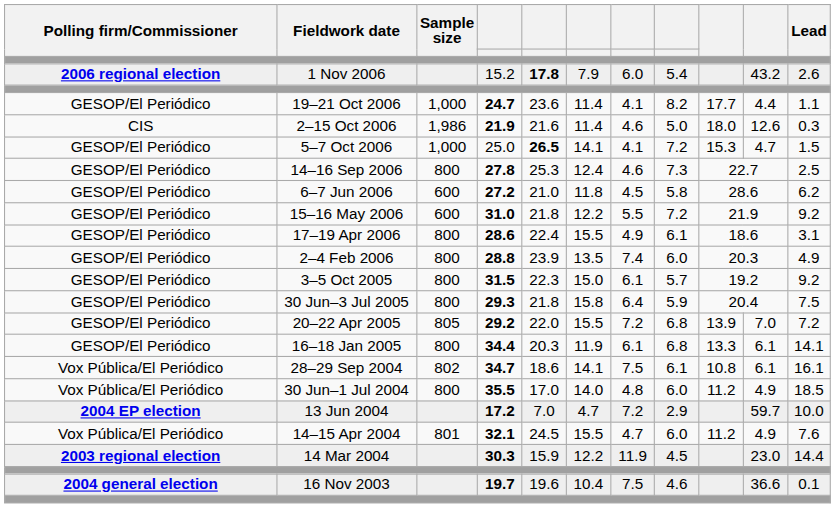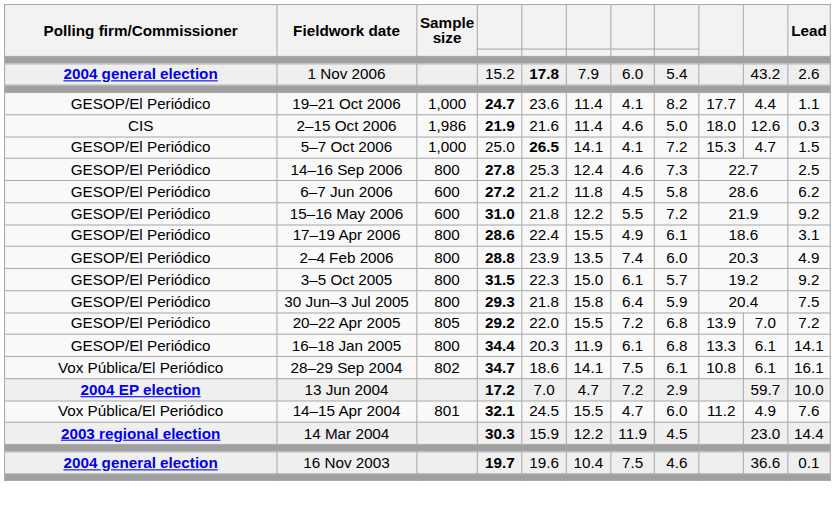 <table class="wikitable collapsible collapsed" style="text-align:center; font-size:90%; line-height:14px;">
 <tr style="height:42px;">
 <th style="width:250px;" rowspan="2">Polling firm/Commissioner</th>
 <th style="width:125px;" rowspan="2">Fieldwork date</th>
 <th style="width:50px;" rowspan="2">Sample size</th>
 <th style="width:35px;"></th>
 <th style="width:35px;"></th>
 <th style="width:35px;"></th>
 <th style="width:35px;"></th>
 <th style="width:35px;"></th>
 <th style="width:35px;" rowspan="2"></th>
 <th style="width:35px;" rowspan="2"></th>
 <th style="width:30px;" rowspan="2">Lead</th>
 </tr>
 <tr>
 <th style="color:inherit;background:"></th>
 <th style="color:inherit;background:"></th>
 <th style="color:inherit;background:"></th>
 <th style="color:inherit;background:"></th>
 <th style="color:inherit;background:"></th>
 </tr>
 <tr>
 <td colspan="11" style="background:#A0A0A0"></td>
 </tr>
 <tr style="background:#EFEFEF;">
-<td><strong><a href='#'>2006 regional election</a></strong></td>
+<td><strong><a href='#'>2004 general election</a></strong></td>
 <td>1 Nov 2006</td>
 <td></td>
 <td>15.2</td>
 <td><strong>17.8</strong></td>
 <td>7.9</td>
 <td>6.0</td>
 <td>5.4</td>
 <td></td>
 <td>43.2</td>
 <td style="background:">2.6</td>
 </tr>
 <tr>
 <td colspan="11" style="background:#A0A0A0"></td>
 </tr>
 <tr>
 <td>GESOP/El Periódico</td>
 <td>19–21 Oct 2006</td>
 <td>1,000</td>
 <td><strong>24.7</strong></td>
 <td>23.6</td>
 <td>11.4</td>
 <td>4.1</td>
 <td>8.2</td>
 <td>17.7</td>
 <td>4.4</td>
 <td style="background:">1.1</td>
 </tr>
 <tr>
 <td>CIS</td>
 <td>2–15 Oct 2006</td>
 <td>1,986</td>
 <td><strong>21.9</strong></td>
 <td>21.6</td>
 <td>11.4</td>
 <td>4.6</td>
 <td>5.0</td>
 <td>18.0</td>
 <td>12.6</td>
 <td style="background:">0.3</td>
 </tr>
 <tr>
 <td>GESOP/El Periódico</td>
 <td>5–7 Oct 2006</td>
 <td>1,000</td>
 <td>25.0</td>
 <td><strong>26.5</strong></td>
 <td>14.1</td>
 <td>4.1</td>
 <td>7.2</td>
 <td>15.3</td>
 <td>4.7</td>
 <td style="background:">1.5</td>
 </tr>
 <tr>
 <td>GESOP/El Periódico</td>
 <td>14–16 Sep 2006</td>
 <td>800</td>
 <td><strong>27.8</strong></td>
 <td>25.3</td>
 <td>12.4</td>
 <td>4.6</td>
 <td>7.3</td>
 <td colspan="2">22.7</td>
 <td style="background:">2.5</td>
 </tr>
 <tr>
 <td>GESOP/El Periódico</td>
 <td>6–7 Jun 2006</td>
 <td>600</td>
 <td><strong>27.2</strong></td>
-<td>21.0</td>
+<td>21.2</td>
 <td>11.8</td>
 <td>4.5</td>
 <td>5.8</td>
 <td colspan="2">28.6</td>
 <td style="background:">6.2</td>
 </tr>
 <tr>
 <td>GESOP/El Periódico</td>
 <td>15–16 May 2006</td>
 <td>600</td>
 <td><strong>31.0</strong></td>
 <td>21.8</td>
 <td>12.2</td>
 <td>5.5</td>
 <td>7.2</td>
 <td colspan="2">21.9</td>
 <td style="background:">9.2</td>
 </tr>
 <tr>
 <td>GESOP/El Periódico</td>
 <td>17–19 Apr 2006</td>
 <td>800</td>
 <td><strong>28.6</strong></td>
 <td>22.4</td>
 <td>15.5</td>
 <td>4.9</td>
 <td>6.1</td>
 <td colspan="2">18.6</td>
 <td style="background:">3.1</td>
 </tr>
 <tr>
 <td>GESOP/El Periódico</td>
 <td>2–4 Feb 2006</td>
 <td>800</td>
 <td><strong>28.8</strong></td>
 <td>23.9</td>
 <td>13.5</td>
 <td>7.4</td>
 <td>6.0</td>
 <td colspan="2">20.3</td>
 <td style="background:">4.9</td>
 </tr>
 <tr>
 <td>GESOP/El Periódico</td>
 <td>3–5 Oct 2005</td>
 <td>800</td>
 <td><strong>31.5</strong></td>
 <td>22.3</td>
 <td>15.0</td>
 <td>6.1</td>
 <td>5.7</td>
 <td colspan="2">19.2</td>
 <td style="background:">9.2</td>
 </tr>
 <tr>
 <td>GESOP/El Periódico</td>
 <td>30 Jun–3 Jul 2005</td>
 <td>800</td>
 <td><strong>29.3</strong></td>
 <td>21.8</td>
 <td>15.8</td>
 <td>6.4</td>
 <td>5.9</td>
 <td colspan="2">20.4</td>
 <td style="background:">7.5</td>
 </tr>
 <tr>
 <td>GESOP/El Periódico</td>
 <td>20–22 Apr 2005</td>
 <td>805</td>
 <td><strong>29.2</strong></td>
 <td>22.0</td>
 <td>15.5</td>
 <td>7.2</td>
 <td>6.8</td>
 <td>13.9</td>
 <td>7.0</td>
 <td style="background:">7.2</td>
 </tr>
 <tr>
 <td>GESOP/El Periódico</td>
 <td>16–18 Jan 2005</td>
 <td>800</td>
 <td><strong>34.4</strong></td>
 <td>20.3</td>
 <td>11.9</td>
 <td>6.1</td>
 <td>6.8</td>
 <td>13.3</td>
 <td>6.1</td>
 <td style="background:">14.1</td>
 </tr>
 <tr>
 <td>Vox Pública/El Periódico</td>
 <td>28–29 Sep 2004</td>
 <td>802</td>
 <td><strong>34.7</strong></td>
 <td>18.6</td>
 <td>14.1</td>
 <td>7.5</td>
 <td>6.1</td>
 <td>10.8</td>
 <td>6.1</td>
 <td style="background:">16.1</td>
 </tr>
-<tr>
-<td>Vox Pública/El Periódico</td>
-<td>30 Jun–1 Jul 2004</td>
-<td>800</td>
-<td><strong>35.5</strong></td>
-<td>17.0</td>
-<td>14.0</td>
-<td>4.8</td>
-<td>6.0</td>
-<td>11.2</td>
-<td>4.9</td>
-<td style="background:">18.5</td>
-</tr>
 <tr style="background:#EFEFEF;">
 <td><strong><a href='#'>2004 EP election</a></strong></td>
 <td>13 Jun 2004</td>
 <td></td>
 <td><strong>17.2</strong></td>
 <td>7.0</td>
 <td>4.7</td>
 <td>7.2</td>
 <td>2.9</td>
 <td></td>
 <td>59.7</td>
 <td style="background:">10.0</td>
 </tr>
 <tr>
 <td>Vox Pública/El Periódico</td>
 <td>14–15 Apr 2004</td>
 <td>801</td>
 <td><strong>32.1</strong></td>
 <td>24.5</td>
 <td>15.5</td>
 <td>4.7</td>
 <td>6.0</td>
 <td>11.2</td>
 <td>4.9</td>
 <td style="background:">7.6</td>
 </tr>
 <tr style="background:#EFEFEF;">
 <td><strong><a href='#'>2003 regional election</a></strong></td>
 <td>14 Mar 2004</td>
 <td></td>
 <td><strong>30.3</strong></td>
 <td>15.9</td>
 <td>12.2</td>
 <td>11.9</td>
 <td>4.5</td>
 <td></td>
 <td>23.0</td>
 <td style="background:">14.4</td>
 </tr>
 <tr>
 <td colspan="11" style="background:#A0A0A0"></td>
 </tr>
 <tr style="background:#EFEFEF;">
 <td><strong><a href='#'>2004 general election</a></strong></td>
 <td>16 Nov 2003</td>
 <td></td>
 <td><strong>19.7</strong></td>
 <td>19.6</td>
 <td>10.4</td>
 <td>7.5</td>
 <td>4.6</td>
 <td></td>
 <td>36.6</td>
 <td style="background:">0.1</td>
 </tr>
 <tr>
 <td colspan="11" style="background:#A0A0A0"></td>
 </tr>
 </table>
